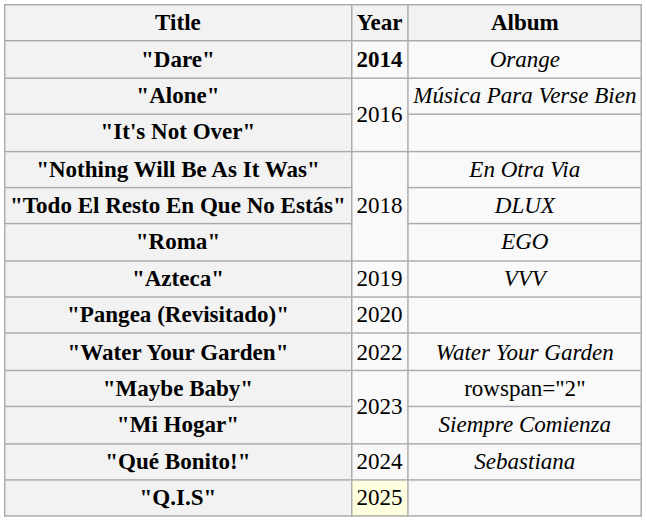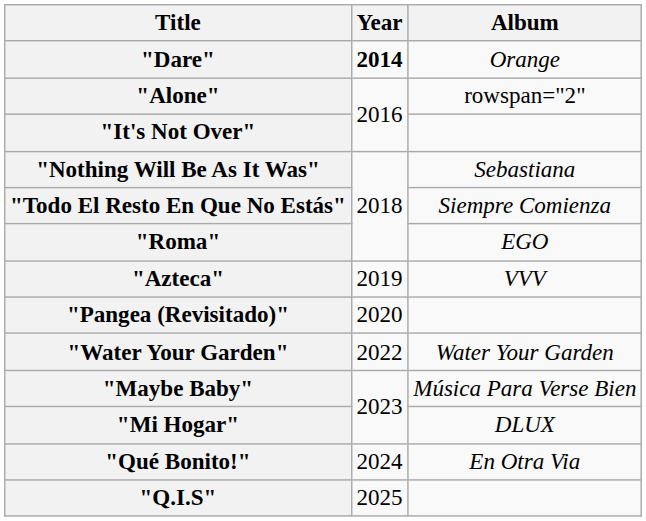 <table class="wikitable plainrowheaders" style="text-align:center;">
 <tr>
 <th scope="col">Title</th>
 <th scope="col">Year</th>
 <th scope="col">Album</th>
 </tr>
 <tr>
 <th scope="row">"Dare"<br></th>
 <td><strong>2014</strong></td>
 <td><em>Orange</em></td>
 </tr>
 <tr>
 <th scope="row">"Alone"<br></th>
 <td rowspan="2">2016</td>
-<td><em>Música Para Verse Bien</em></td>
+<td>rowspan="2" </td>
 </tr>
 <tr>
 <th scope="row">"It's Not Over"<br></th>
 </tr>
 <tr>
 <th scope="row">"Nothing Will Be As It Was"<br></th>
 <td rowspan="3">2018</td>
-<td><em>En Otra Via</em></td>
+<td><em>Sebastiana</em></td>
 </tr>
 <tr>
 <th scope="row">"Todo El Resto En Que No Estás"<br></th>
-<td><em>DLUX</em></td>
+<td><em>Siempre Comienza</em></td>
 </tr>
 <tr>
 <th scope="row">"Roma"<br></th>
 <td><em>EGO</em></td>
 </tr>
 <tr>
 <th scope="row">"Azteca"<br></th>
 <td>2019</td>
 <td><em>VVV</em></td>
 </tr>
 <tr>
 <th scope="row">"Pangea (Revisitado)"<br></th>
 <td>2020</td>
 <td></td>
 </tr>
 <tr>
 <th scope="row">"Water Your Garden"<br></th>
 <td>2022</td>
 <td><em>Water Your Garden</em></td>
 </tr>
 <tr>
 <th scope="row">"Maybe Baby"<br></th>
 <td rowspan="2">2023</td>
-<td>rowspan="2" </td>
+<td><em>Música Para Verse Bien</em></td>
 </tr>
 <tr>
 <th scope="row">"Mi Hogar"<br></th>
-<td><em>Siempre Comienza</em></td>
+<td><em>DLUX</em></td>
 </tr>
 <tr>
 <th scope="row">"Qué Bonito!"<br></th>
 <td>2024</td>
-<td><em>Sebastiana</em></td>
+<td><em>En Otra Via</em></td>
 </tr>
 <tr>
 <th scope="row">"Q.I.S"<br></th>
-<td style="background: lightyellow;">2025</td>
+<td>2025</td>
 <td></td>
 </tr>
 </table>
